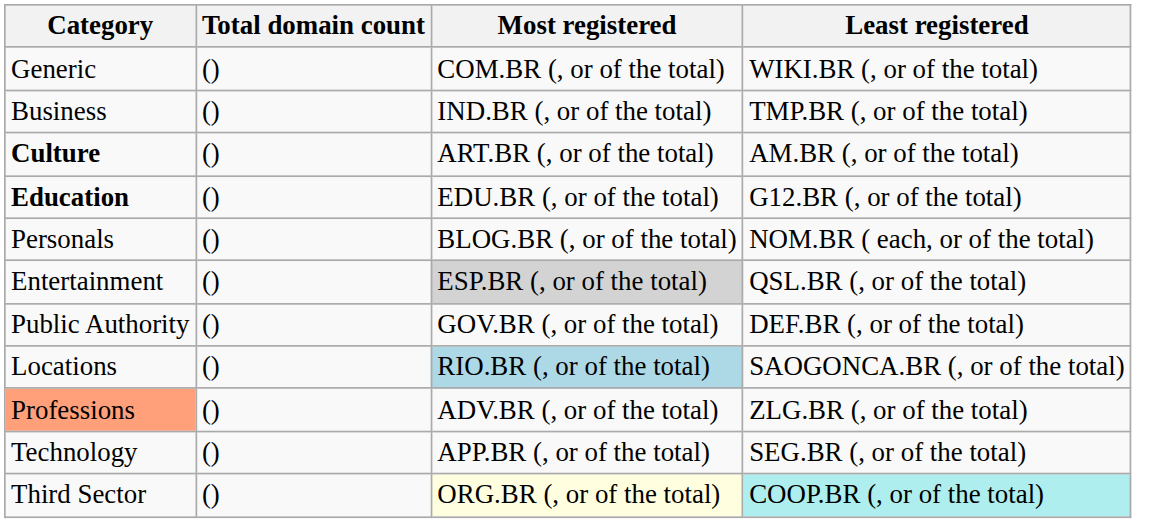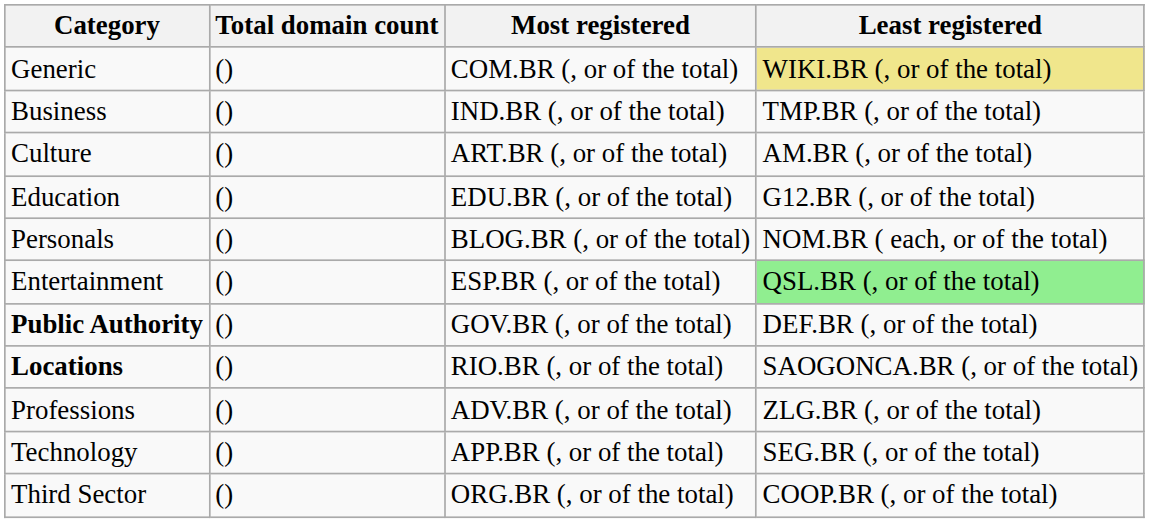 <table class="wikitable">
 <tr>
 <th>Category</th>
 <th>Total domain count</th>
 <th>Most registered</th>
 <th>Least registered</th>
 </tr>
 <tr>
 <td>Generic</td>
 <td><strong></strong> ()</td>
 <td>COM.BR (<strong></strong>, or  of the total)</td>
-<td>WIKI.BR (<strong></strong>, or  of the total)</td>
+<td style="background: khaki;">WIKI.BR (<strong></strong>, or  of the total)</td>
 </tr>
 <tr>
 <td>Business</td>
 <td><strong></strong> ()</td>
 <td>IND.BR (<strong></strong>, or  of the total)</td>
 <td>TMP.BR (<strong></strong>, or   of the total)</td>
 </tr>
 <tr>
-<td><strong>Culture</strong></td>
+<td>Culture</td>
 <td><strong></strong> ()</td>
 <td>ART.BR (<strong></strong>, or  of the total)</td>
 <td>AM.BR (<strong></strong>, or  of the total)</td>
 </tr>
 <tr>
-<td><strong>Education</strong></td>
+<td>Education</td>
 <td><strong></strong> ()</td>
 <td>EDU.BR (<strong></strong>, or  of the total)</td>
 <td>G12.BR (<strong></strong>, or  of the total)</td>
 </tr>
 <tr>
 <td>Personals</td>
 <td><strong></strong> ()</td>
 <td>BLOG.BR (<strong></strong>, or  of the total)</td>
 <td>NOM.BR (<strong></strong> each, or  of the total)</td>
 </tr>
 <tr>
 <td>Entertainment</td>
 <td><strong></strong> ()</td>
-<td style="background: lightgrey;">ESP.BR (<strong></strong>, or  of the total)</td>
-<td>QSL.BR (<strong></strong>, or  of the total)</td>
+<td>ESP.BR (<strong></strong>, or  of the total)</td>
+<td style="background: lightgreen;">QSL.BR (<strong></strong>, or  of the total)</td>
 </tr>
 <tr>
-<td>Public Authority</td>
+<td><strong>Public Authority</strong></td>
 <td><strong></strong> ()</td>
 <td>GOV.BR (<strong></strong>, or  of the total)</td>
 <td>DEF.BR (<strong></strong>, or  of the total)</td>
 </tr>
 <tr>
-<td>Locations</td>
+<td><strong>Locations</strong></td>
 <td><strong></strong> ()</td>
-<td style="background: lightblue;">RIO.BR (<strong></strong>, or  of the total)</td>
+<td>RIO.BR (<strong></strong>, or  of the total)</td>
 <td>SAOGONCA.BR (<strong></strong>, or  of the total)</td>
 </tr>
 <tr>
-<td style="background: lightsalmon;">Professions</td>
+<td>Professions</td>
 <td><strong></strong> ()</td>
 <td>ADV.BR (<strong></strong>, or  of the total)</td>
 <td>ZLG.BR (<strong></strong>, or  of the total)</td>
 </tr>
 <tr>
 <td>Technology</td>
 <td><strong></strong> ()</td>
 <td>APP.BR (<strong></strong>, or  of the total)</td>
 <td>SEG.BR (<strong></strong>, or  of the total)</td>
 </tr>
 <tr>
 <td>Third Sector</td>
 <td><strong></strong> ()</td>
-<td style="background: lightyellow;">ORG.BR (<strong></strong>, or  of the total)</td>
-<td style="background: paleturquoise;">COOP.BR (<strong></strong>, or  of the total)</td>
+<td>ORG.BR (<strong></strong>, or  of the total)</td>
+<td>COOP.BR (<strong></strong>, or  of the total)</td>
 </tr>
 </table>
